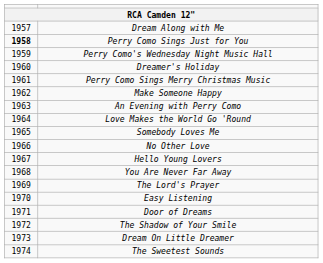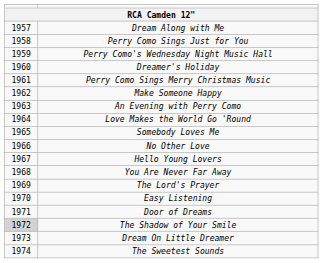 <table class="wikitable" align="center" style="text-align:center; width:500; border:1">
 <tr>
 <td></td>
 </tr>
 <tr>
 <th width="500" colspan=2>RCA Camden 12"</th>
 </tr>
 <tr>
 <td>1957</td>
 <td><em>Dream Along with Me</em></td>
 </tr>
 <tr>
-<td><strong>1958</strong></td>
+<td>1958</td>
 <td><em>Perry Como Sings Just for You</em></td>
 </tr>
 <tr>
 <td>1959</td>
 <td><em>Perry Como's Wednesday Night Music Hall</em></td>
 </tr>
 <tr>
 <td>1960</td>
 <td><em>Dreamer's Holiday</em></td>
 </tr>
 <tr>
 <td>1961</td>
 <td><em>Perry Como Sings Merry Christmas Music</em></td>
 </tr>
 <tr>
 <td>1962</td>
 <td><em>Make Someone Happy</em></td>
 </tr>
 <tr>
 <td>1963</td>
 <td><em>An Evening with Perry Como</em></td>
 </tr>
 <tr>
 <td>1964</td>
 <td><em>Love Makes the World Go 'Round</em></td>
 </tr>
 <tr>
 <td>1965</td>
 <td><em>Somebody Loves Me</em></td>
 </tr>
 <tr>
 <td>1966</td>
 <td><em>No Other Love</em></td>
 </tr>
 <tr>
 <td>1967</td>
 <td><em>Hello Young Lovers</em></td>
 </tr>
 <tr>
 <td>1968</td>
 <td><em>You Are Never Far Away</em></td>
 </tr>
 <tr>
 <td>1969</td>
 <td><em>The Lord's Prayer</em></td>
 </tr>
 <tr>
 <td>1970</td>
 <td><em>Easy Listening</em></td>
 </tr>
 <tr>
 <td>1971</td>
 <td><em>Door of Dreams</em></td>
 </tr>
 <tr>
-<td>1972</td>
+<td style="background: lightgrey;">1972</td>
 <td><em>The Shadow of Your Smile</em></td>
 </tr>
 <tr>
 <td>1973</td>
 <td><em>Dream On Little Dreamer</em></td>
 </tr>
 <tr>
 <td>1974</td>
 <td><em>The Sweetest Sounds</em></td>
 </tr>
 </table>
